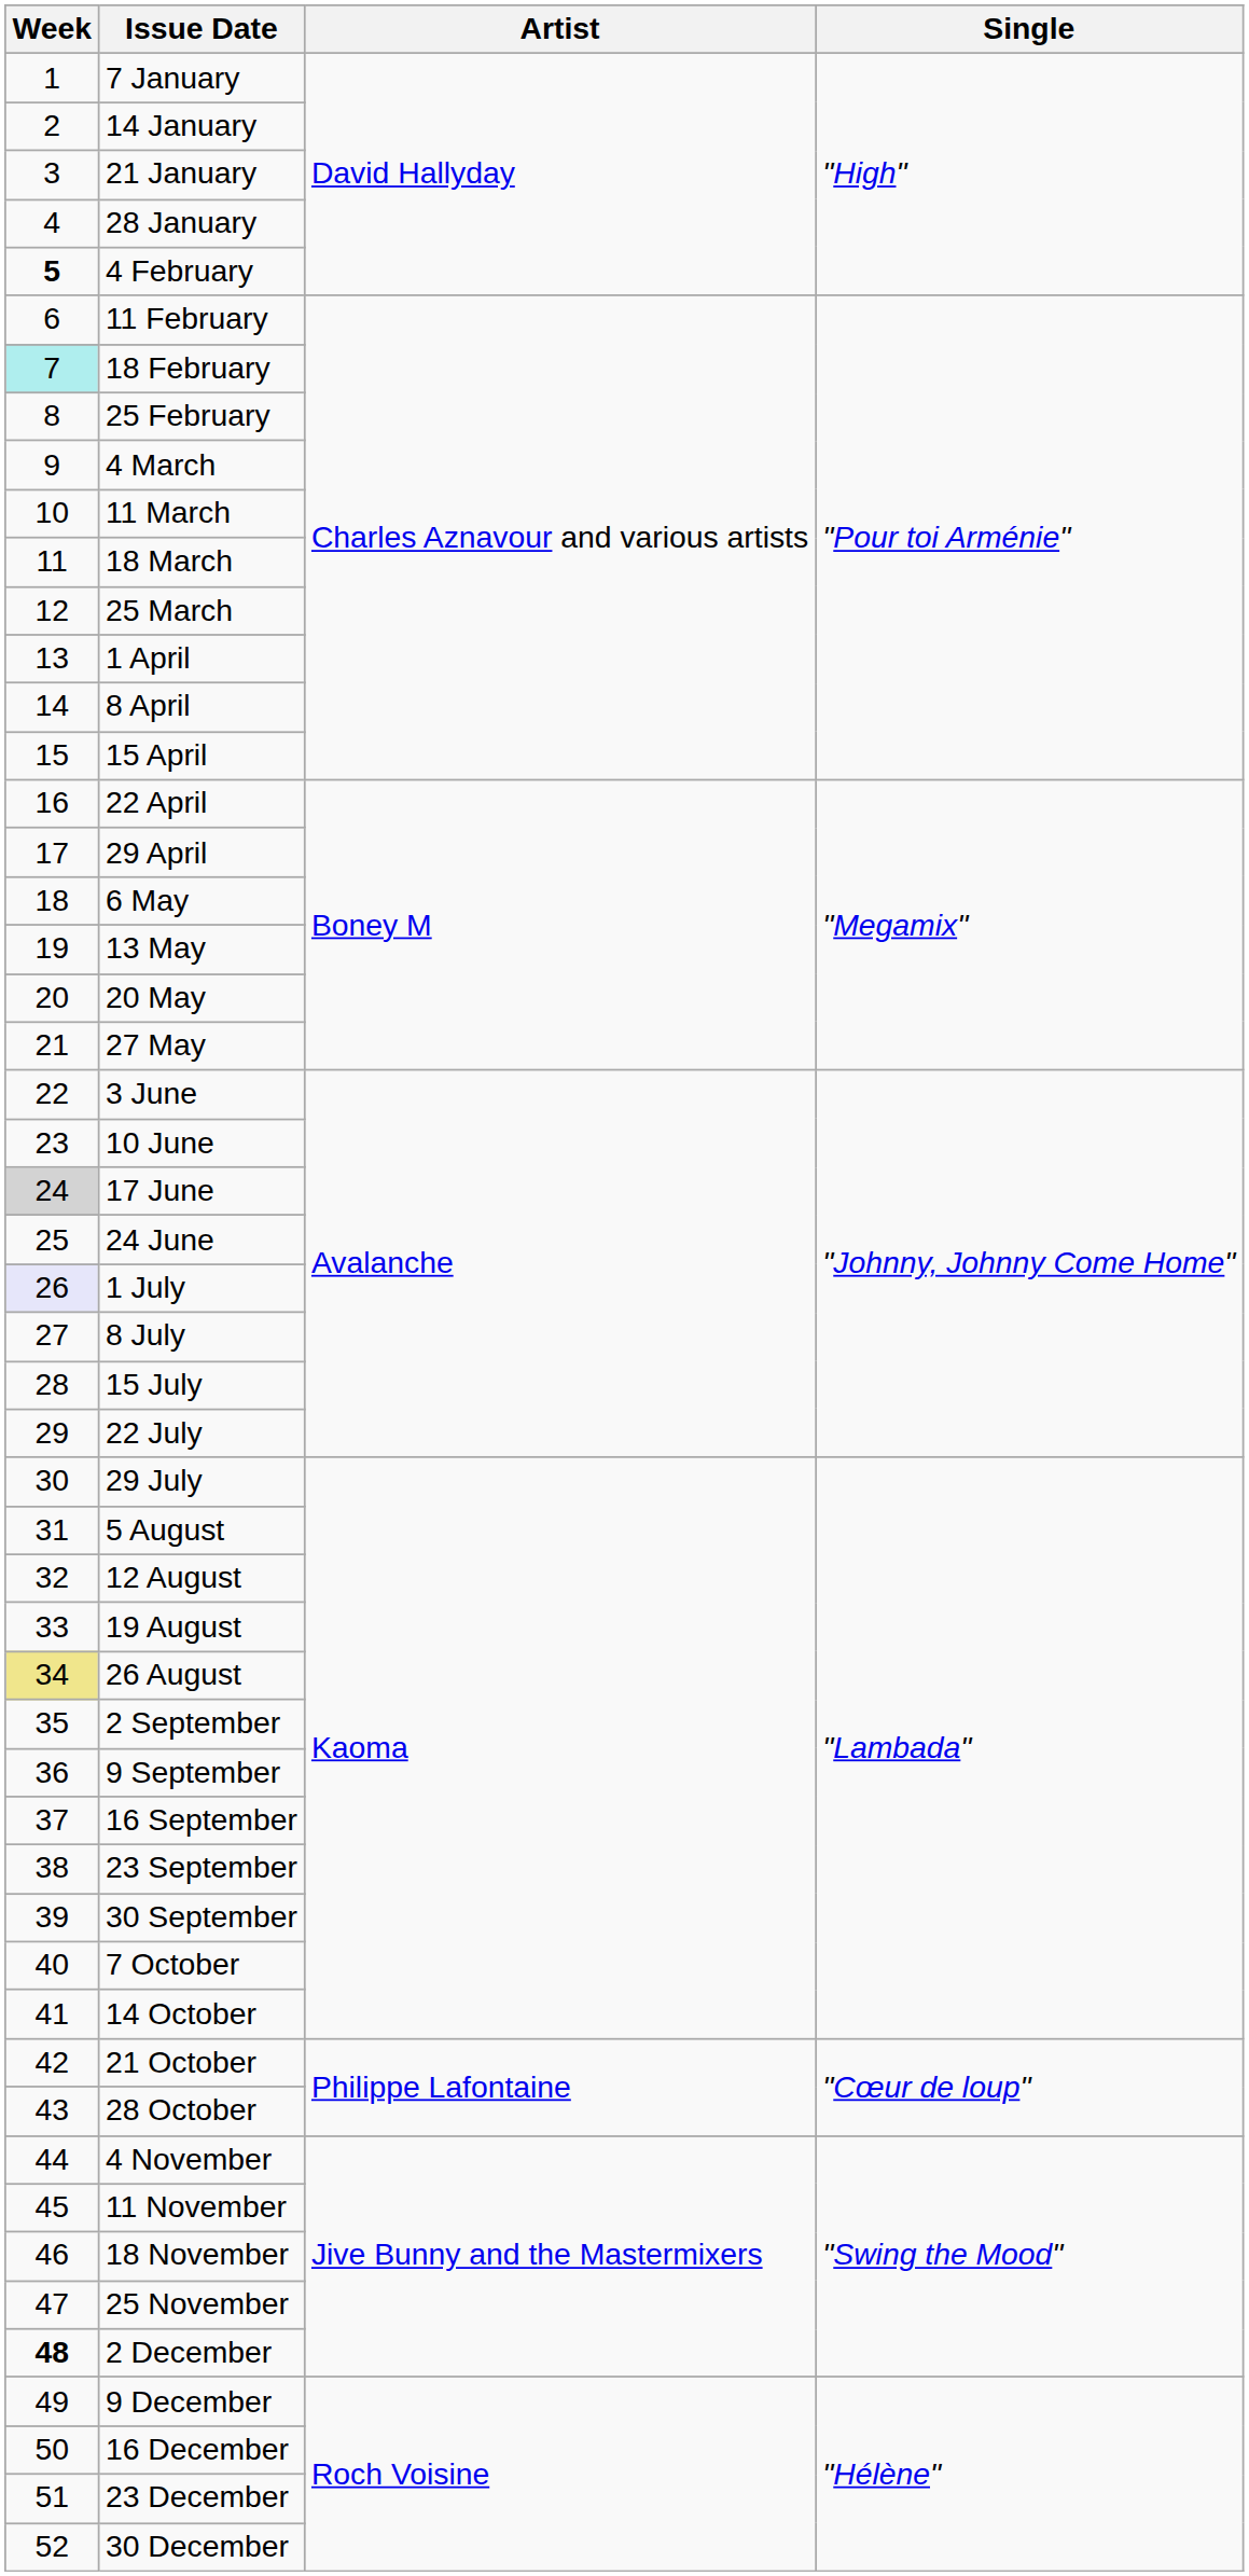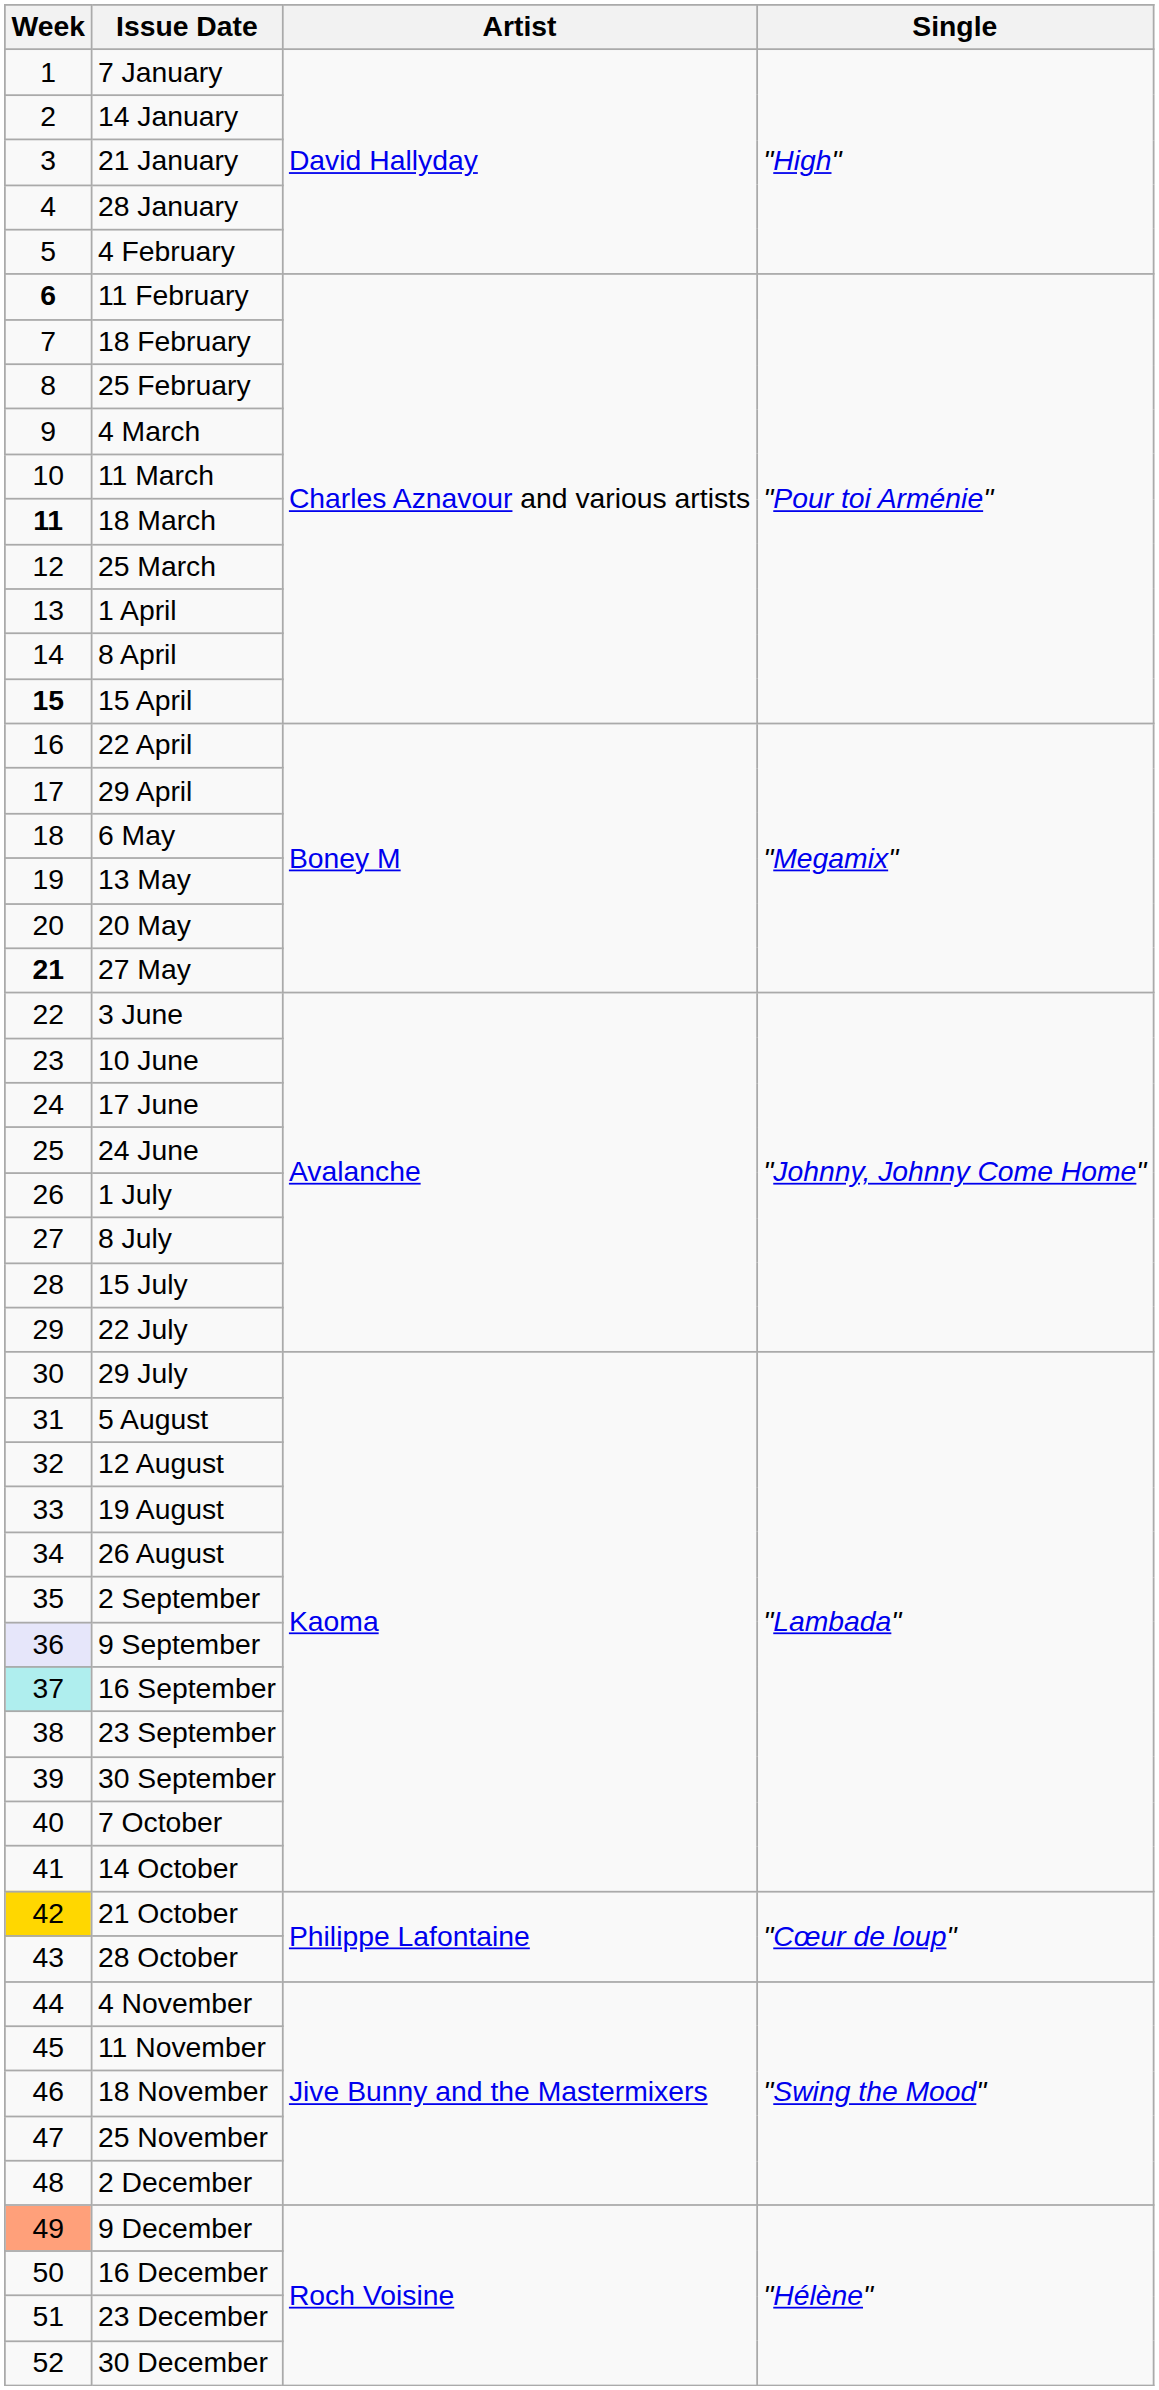 <table class="wikitable">
 <tr>
 <th rowspan>Week</th>
 <th rowspan>Issue Date</th>
 <th rowspan>Artist</th>
 <th rowspan>Single</th>
 </tr>
 <tr>
 <td style="text-align: center;">1</td>
 <td>7 January</td>
 <td rowspan="5"><a href='#'>David Hallyday</a></td>
 <td rowspan="5"><em>"<a href='#'>High</a>"</em></td>
 </tr>
 <tr>
 <td style="text-align: center;">2</td>
 <td>14 January</td>
 </tr>
 <tr>
 <td style="text-align: center;">3</td>
 <td>21 January</td>
 </tr>
 <tr>
 <td style="text-align: center;">4</td>
 <td>28 January</td>
 </tr>
 <tr>
-<td style="text-align: center;"><strong>5</strong></td>
+<td style="text-align: center;">5</td>
 <td>4 February</td>
 </tr>
 <tr>
-<td style="text-align: center;">6</td>
+<td style="text-align: center;"><strong>6</strong></td>
 <td>11 February</td>
 <td rowspan="10"><a href='#'>Charles Aznavour</a> and various artists</td>
 <td rowspan="10"><em>"<a href='#'>Pour toi Arménie</a>"</em></td>
 </tr>
 <tr>
-<td style="background: paleturquoise; text-align: center;">7</td>
+<td style="text-align: center;">7</td>
 <td>18 February</td>
 </tr>
 <tr>
 <td style="text-align: center;">8</td>
 <td>25 February</td>
 </tr>
 <tr>
 <td style="text-align: center;">9</td>
 <td>4 March</td>
 </tr>
 <tr>
 <td style="text-align: center;">10</td>
 <td>11 March</td>
 </tr>
 <tr>
-<td style="text-align: center;">11</td>
+<td style="text-align: center;"><strong>11</strong></td>
 <td>18 March</td>
 </tr>
 <tr>
 <td style="text-align: center;">12</td>
 <td>25 March</td>
 </tr>
 <tr>
 <td style="text-align: center;">13</td>
 <td>1 April</td>
 </tr>
 <tr>
 <td style="text-align: center;">14</td>
 <td>8 April</td>
 </tr>
 <tr>
-<td style="text-align: center;">15</td>
+<td style="text-align: center;"><strong>15</strong></td>
 <td>15 April</td>
 </tr>
 <tr>
 <td style="text-align: center;">16</td>
 <td>22 April</td>
 <td rowspan="6"><a href='#'>Boney M</a></td>
 <td rowspan="6"><em>"<a href='#'>Megamix</a>"</em></td>
 </tr>
 <tr>
 <td style="text-align: center;">17</td>
 <td>29 April</td>
 </tr>
 <tr>
 <td style="text-align: center;">18</td>
 <td>6 May</td>
 </tr>
 <tr>
 <td style="text-align: center;">19</td>
 <td>13 May</td>
 </tr>
 <tr>
 <td style="text-align: center;">20</td>
 <td>20 May</td>
 </tr>
 <tr>
-<td style="text-align: center;">21</td>
+<td style="text-align: center;"><strong>21</strong></td>
 <td>27 May</td>
 </tr>
 <tr>
 <td style="text-align: center;">22</td>
 <td>3 June</td>
 <td rowspan="8"><a href='#'>Avalanche</a></td>
 <td rowspan="8"><em>"<a href='#'>Johnny, Johnny Come Home</a>"</em></td>
 </tr>
 <tr>
 <td style="text-align: center;">23</td>
 <td>10 June</td>
 </tr>
 <tr>
-<td style="background: lightgrey; text-align: center;">24</td>
+<td style="text-align: center;">24</td>
 <td>17 June</td>
 </tr>
 <tr>
 <td style="text-align: center;">25</td>
 <td>24 June</td>
 </tr>
 <tr>
-<td style="background: lavender; text-align: center;">26</td>
+<td style="text-align: center;">26</td>
 <td>1 July</td>
 </tr>
 <tr>
 <td style="text-align: center;">27</td>
 <td>8 July</td>
 </tr>
 <tr>
 <td style="text-align: center;">28</td>
 <td>15 July</td>
 </tr>
 <tr>
 <td style="text-align: center;">29</td>
 <td>22 July</td>
 </tr>
 <tr>
 <td style="text-align: center;">30</td>
 <td>29 July</td>
 <td rowspan="12"><a href='#'>Kaoma</a></td>
 <td rowspan="12"><em>"<a href='#'>Lambada</a>"</em></td>
 </tr>
 <tr>
 <td style="text-align: center;">31</td>
 <td>5 August</td>
 </tr>
 <tr>
 <td style="text-align: center;">32</td>
 <td>12 August</td>
 </tr>
 <tr>
 <td style="text-align: center;">33</td>
 <td>19 August</td>
 </tr>
 <tr>
-<td style="background: khaki; text-align: center;">34</td>
+<td style="text-align: center;">34</td>
 <td>26 August</td>
 </tr>
 <tr>
 <td style="text-align: center;">35</td>
 <td>2 September</td>
 </tr>
 <tr>
-<td style="text-align: center;">36</td>
+<td style="background: lavender; text-align: center;">36</td>
 <td>9 September</td>
 </tr>
 <tr>
-<td style="text-align: center;">37</td>
+<td style="background: paleturquoise; text-align: center;">37</td>
 <td>16 September</td>
 </tr>
 <tr>
 <td style="text-align: center;">38</td>
 <td>23 September</td>
 </tr>
 <tr>
 <td style="text-align: center;">39</td>
 <td>30 September</td>
 </tr>
 <tr>
 <td style="text-align: center;">40</td>
 <td>7 October</td>
 </tr>
 <tr>
 <td style="text-align: center;">41</td>
 <td>14 October</td>
 </tr>
 <tr>
-<td style="text-align: center;">42</td>
+<td style="background: gold; text-align: center;">42</td>
 <td>21 October</td>
 <td rowspan="2"><a href='#'>Philippe Lafontaine</a></td>
 <td rowspan="2"><em>"<a href='#'>Cœur de loup</a>"</em></td>
 </tr>
 <tr>
 <td style="text-align: center;">43</td>
 <td>28 October</td>
 </tr>
 <tr>
 <td style="text-align: center;">44</td>
 <td>4 November</td>
 <td rowspan="5"><a href='#'>Jive Bunny and the Mastermixers</a></td>
 <td rowspan="5"><em>"<a href='#'>Swing the Mood</a>"</em></td>
 </tr>
 <tr>
 <td style="text-align: center;">45</td>
 <td>11 November</td>
 </tr>
 <tr>
 <td style="text-align: center;">46</td>
 <td>18 November</td>
 </tr>
 <tr>
 <td style="text-align: center;">47</td>
 <td>25 November</td>
 </tr>
 <tr>
-<td style="text-align: center;"><strong>48</strong></td>
+<td style="text-align: center;">48</td>
 <td>2 December</td>
 </tr>
 <tr>
-<td style="text-align: center;">49</td>
+<td style="background: lightsalmon; text-align: center;">49</td>
 <td>9 December</td>
 <td rowspan="4"><a href='#'>Roch Voisine</a></td>
 <td rowspan="4"><em>"<a href='#'>Hélène</a>"</em></td>
 </tr>
 <tr>
 <td style="text-align: center;">50</td>
 <td>16 December</td>
 </tr>
 <tr>
 <td style="text-align: center;">51</td>
 <td>23 December</td>
 </tr>
 <tr>
 <td style="text-align: center;">52</td>
 <td>30 December</td>
 </tr>
 </table>
